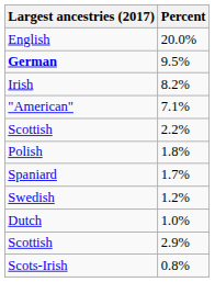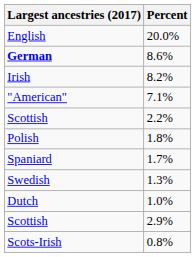 <table class="wikitable sortable collapsible" style="font-size: 90%;">
 <tr>
 <th>Largest ancestries (2017)</th>
 <th>Percent</th>
 </tr>
 <tr>
 <td><a href='#'>English</a></td>
 <td>20.0%</td>
 </tr>
 <tr>
 <td><strong><a href='#'>German</a></strong></td>
-<td>9.5%</td>
+<td>8.6%</td>
 </tr>
 <tr>
 <td><a href='#'>Irish</a></td>
 <td>8.2%</td>
 </tr>
 <tr>
 <td><a href='#'>"American"</a></td>
 <td>7.1%</td>
 </tr>
 <tr>
 <td><a href='#'>Scottish</a></td>
 <td>2.2%</td>
 </tr>
 <tr>
 <td><a href='#'>Polish</a></td>
 <td>1.8%</td>
 </tr>
 <tr>
 <td><a href='#'>Spaniard</a></td>
 <td>1.7%</td>
 </tr>
 <tr>
 <td><a href='#'>Swedish</a></td>
-<td>1.2%</td>
+<td>1.3%</td>
 </tr>
 <tr>
 <td><a href='#'>Dutch</a></td>
 <td>1.0%</td>
 </tr>
 <tr>
 <td><a href='#'>Scottish</a></td>
 <td>2.9%</td>
 </tr>
 <tr>
 <td><a href='#'>Scots-Irish</a></td>
 <td>0.8%</td>
 </tr>
 </table>
